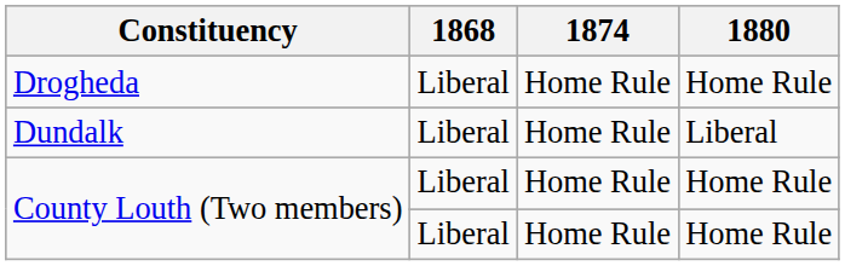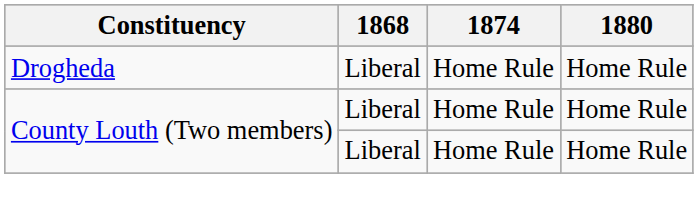 <table class="wikitable">
 <tr>
 <th>Constituency</th>
 <th>1868</th>
 <th>1874</th>
 <th>1880</th>
 </tr>
 <tr>
 <td><a href='#'>Drogheda</a></td>
 <td>Liberal</td>
 <td>Home Rule</td>
 <td>Home Rule</td>
 </tr>
 <tr>
-<td><a href='#'>Dundalk</a></td>
-<td>Liberal</td>
-<td>Home Rule</td>
-<td>Liberal</td>
-</tr>
-<tr>
 <td rowspan="2"><a href='#'>County Louth</a> (Two members)</td>
 <td>Liberal</td>
 <td>Home Rule</td>
 <td>Home Rule</td>
 </tr>
 <tr>
 <td>Liberal</td>
 <td>Home Rule</td>
 <td>Home Rule</td>
 </tr>
 </table>
